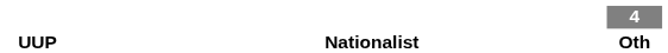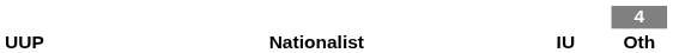 <table style="width:50%; text-align:center;">
 <tr style="color:white;">
 <td style="background:"><strong>37</strong></td>
 <td style="background:"><strong>9</strong></td>
+<td style="background:"><strong>2</strong></td>
 <td style="background:grey; width:7.69%;"><strong>4</strong></td>
 </tr>
 <tr>
 <td><span><strong>UUP</strong></span></td>
 <td><span><strong>Nationalist</strong></span></td>
+<td><span><strong>IU</strong></span></td>
 <td><span><strong>Oth</strong></span></td>
 </tr>
 </table>
